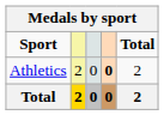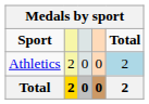 <table class="wikitable" style="font-size:85%; float:right;">
 <tr style="background:#efefef;">
 <th colspan=7><strong>Medals by sport</strong></th>
 </tr>
 <tr align=center>
 <td><strong>Sport</strong></td>
 <td style="background:#f7f6a8;"></td>
 <td style="background:#dce5e5;"></td>
 <td style="background:#ffdab9;"></td>
 <td><strong>Total</strong></td>
 </tr>
 <tr align=center>
 <td><a href='#'>Athletics</a></td>
 <td style="background:#f7f6a8;">2</td>
 <td style="background:#dce5e5;">0</td>
-<td style="background:#ffdab9;"><strong>0</strong></td>
-<td>2</td>
+<td style="background:#ffdab9;">0</td>
+<td style="background: lightblue;">2</td>
 </tr>
 <tr align=center>
 <th><strong>Total</strong></th>
 <th style="background:gold;"><strong>2</strong></th>
 <th style="background:silver;"><strong>0</strong></th>
 <th style="background:#c96;"><strong>0</strong></th>
 <th><strong>2</strong></th>
 </tr>
 </table>
